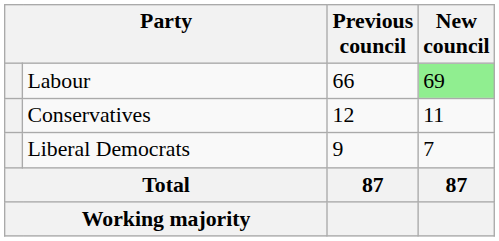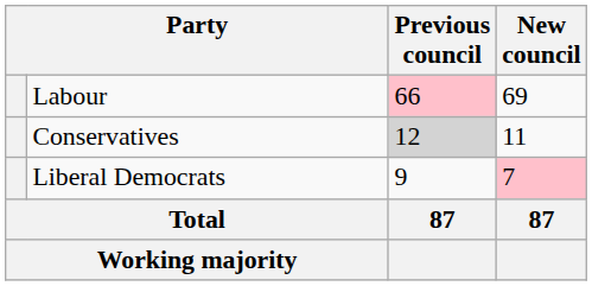 <table class="wikitable">
 <tr>
 <th valign=top colspan="2" style="width: 230px">Party</th>
 <th valign=top style="width: 30px">Previous council</th>
 <th valign=top style="width: 30px">New council</th>
 </tr>
 <tr>
 <th style="background-color: "></th>
 <td>Labour</td>
-<td>66</td>
-<td style="background: lightgreen;">69</td>
+<td style="background: pink;">66</td>
+<td>69</td>
 </tr>
 <tr>
 <th style="background-color: "></th>
 <td>Conservatives</td>
-<td>12</td>
+<td style="background: lightgrey;">12</td>
 <td>11</td>
 </tr>
 <tr>
 <th style="background-color: "></th>
 <td>Liberal Democrats</td>
 <td>9</td>
-<td>7</td>
+<td style="background: pink;">7</td>
 </tr>
 <tr>
 <th colspan=2>Total</th>
 <th style="text-align: center">87</th>
 <th colspan=3>87</th>
 </tr>
 <tr>
 <th colspan=2>Working majority</th>
 <th></th>
 <th></th>
 </tr>
 </table>
